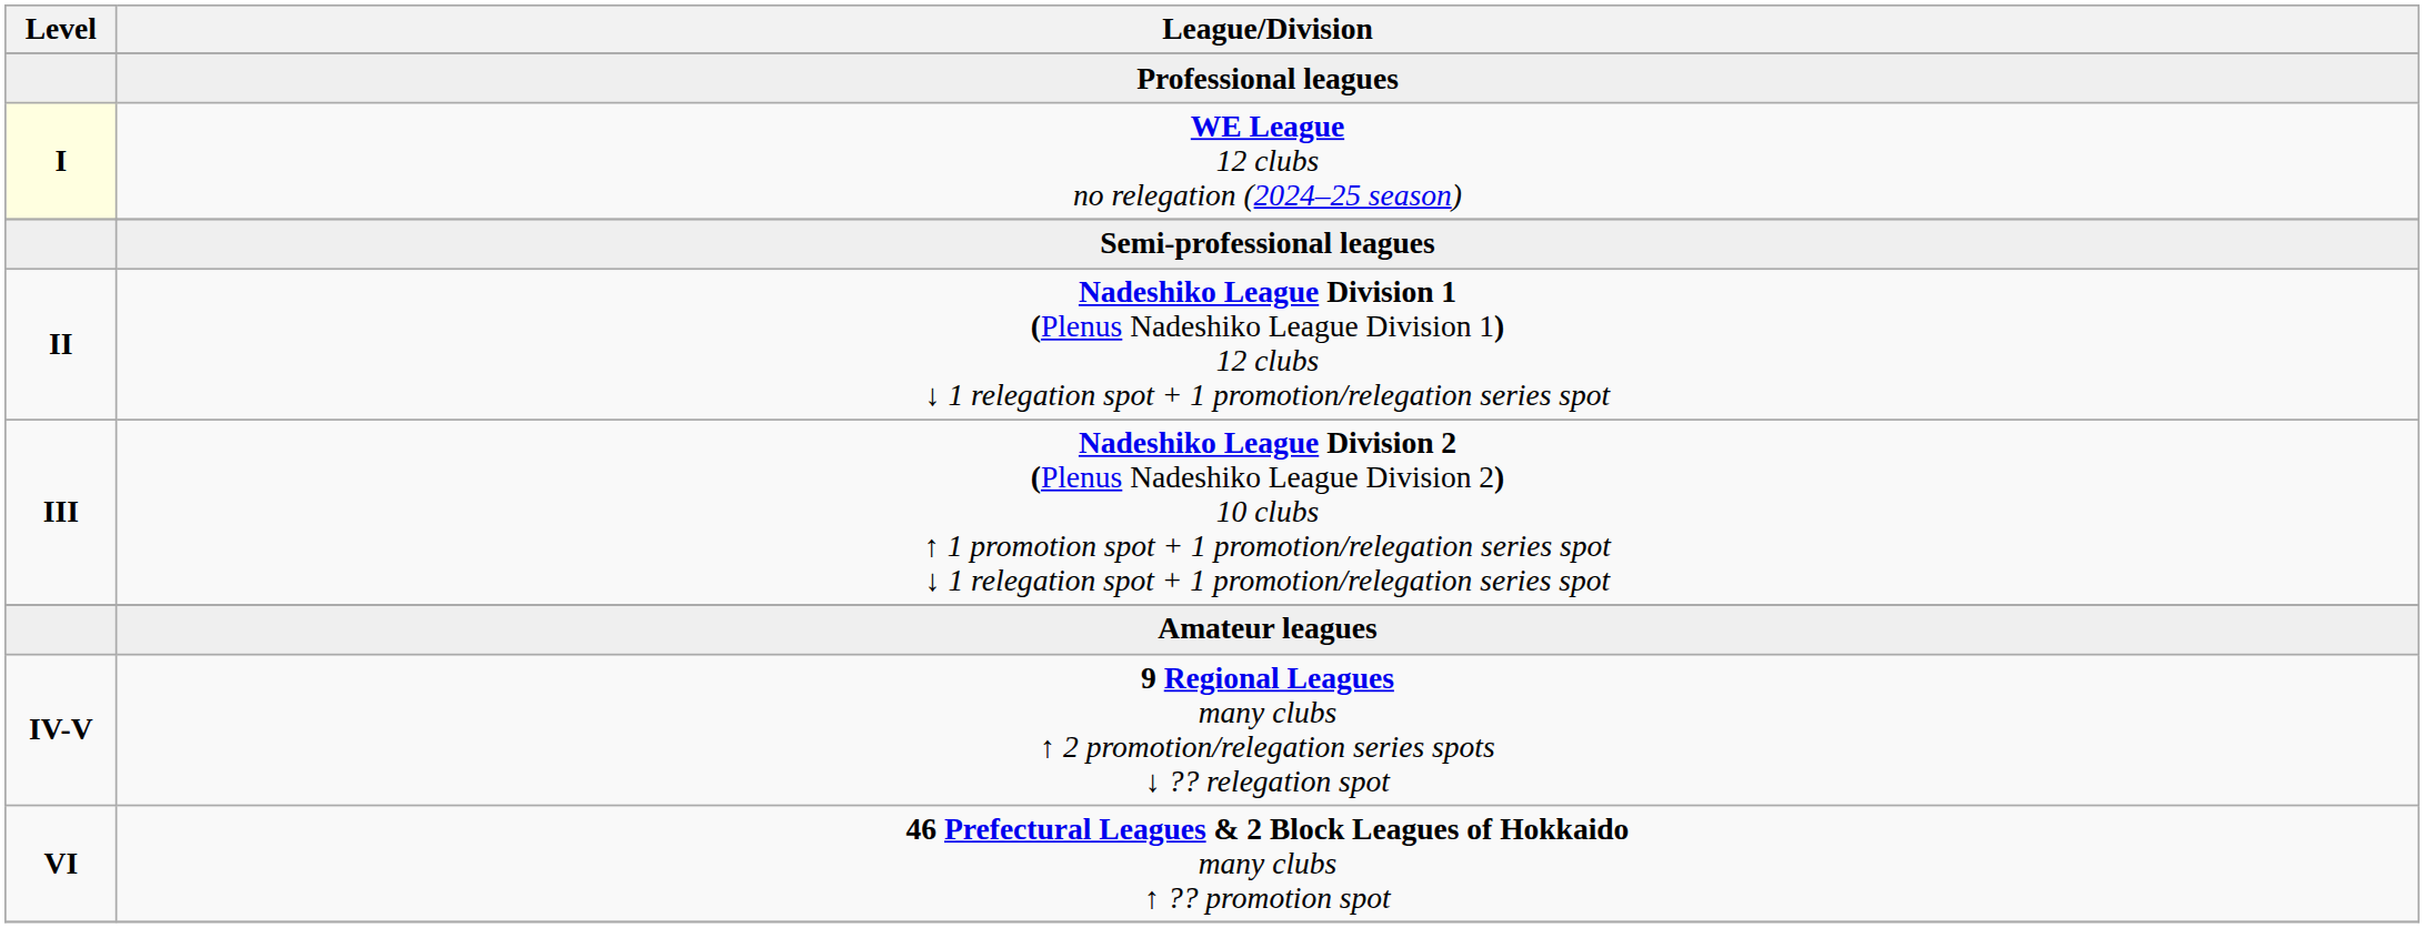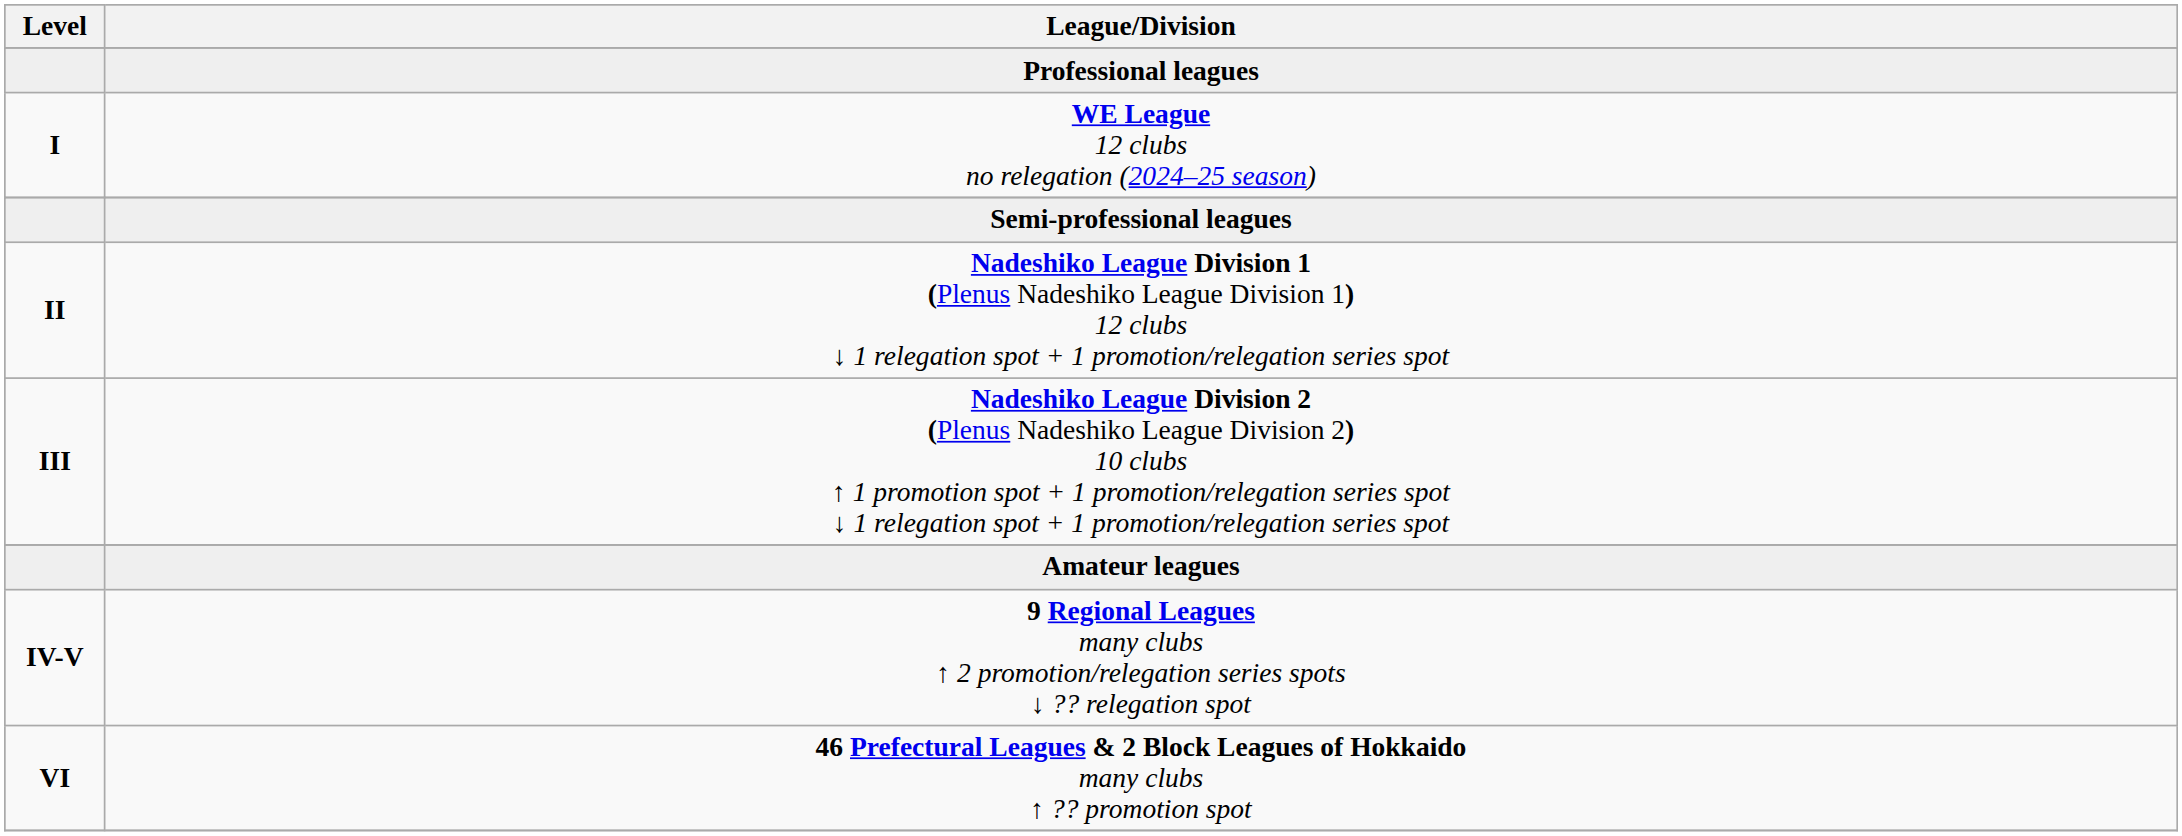 <table class="wikitable" style="text-align: center;" width="100%">
 <tr>
 <th>Level</th>
 <th colspan="2">League/Division</th>
 </tr>
 <tr>
 </tr>
 <tr style="background:#efefef;">
 <td width="4.6%" align="center"></td>
 <td colspan="2" width="95.4%" style="text-align:center;"><strong>Professional leagues</strong></td>
 </tr>
 <tr>
-<td style="background: lightyellow;"><strong>I</strong></td>
+<td><strong>I</strong></td>
 <td colspan="2"><strong><a href='#'>WE League</a></strong><br><em>12 clubs</em><br><em>no relegation</em> <em>(<a href='#'>2024–25 season</a>)</em></td>
 </tr>
 <tr>
 </tr>
 <tr style="background:#efefef;">
 <td width="4.6%" align="center"></td>
 <td colspan="2" width="95.4%" style="text-align:center;"><strong>Semi-professional leagues</strong></td>
 </tr>
 <tr>
 <td><strong>II</strong></td>
 <td colspan="2"><strong><a href='#'>Nadeshiko League</a> Division 1</strong><br><strong>(</strong><a href='#'>Plenus</a> Nadeshiko League Division 1<strong>)</strong><br><em>12 clubs</em><br><em>↓ 1 relegation spot + 1 promotion/relegation series spot</em></td>
 </tr>
 <tr>
 <td><strong>III</strong></td>
 <td colspan="2"><strong><a href='#'>Nadeshiko League</a> Division 2</strong><br><strong>(</strong><a href='#'>Plenus</a> Nadeshiko League Division 2<strong>)</strong><br><em>10 clubs</em><br><em>↑ 1 promotion spot + 1 promotion/relegation series spot</em><br><em>↓ 1 relegation spot + 1 promotion/relegation series spot</em></td>
 </tr>
 <tr>
 </tr>
 <tr>
 </tr>
 <tr style="background:#efefef;">
 <td width="4.6%" align="center"></td>
 <td colspan="2" width="95.4%" style="text-align:center;"><strong>Amateur leagues</strong></td>
 </tr>
 <tr>
 <td><strong>IV-V</strong></td>
 <td colspan="2"><strong>9</strong> <strong><a href='#'>Regional Leagues</a></strong><br><em>many clubs</em><br><em>↑ 2 promotion/relegation series spots</em><br><em>↓ ?? relegation spot</em></td>
 </tr>
 <tr>
 <td><strong>VI</strong></td>
 <td><strong>46 <a href='#'>Prefectural Leagues</a> & 2 Block Leagues of Hokkaido</strong><br><em>many clubs</em><br><em>↑ ?? promotion spot</em></td>
 </tr>
 <tr>
 </tr>
 </table>
